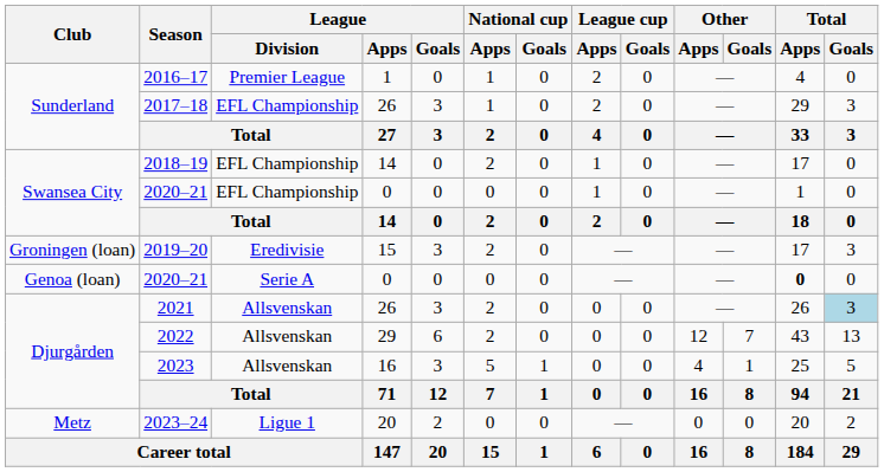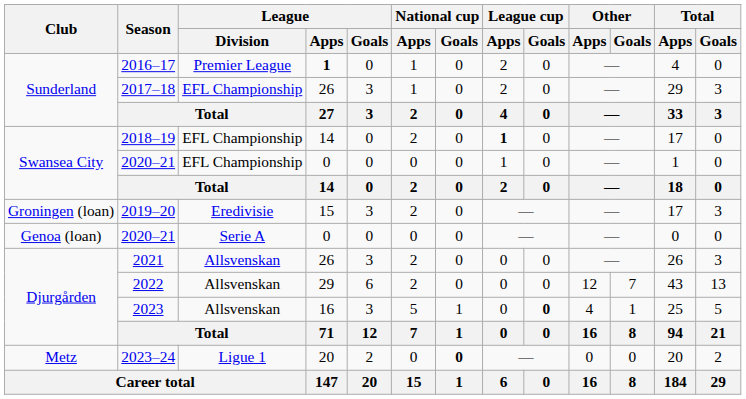 <table class="wikitable" style="text-align:center">
 <tr>
 <th rowspan="2">Club</th>
 <th rowspan="2">Season</th>
 <th colspan="3">League</th>
 <th colspan="2">National cup</th>
 <th colspan="2">League cup</th>
 <th colspan="2">Other</th>
 <th colspan="2">Total</th>
 </tr>
 <tr>
 <th>Division</th>
 <th>Apps</th>
 <th>Goals</th>
 <th>Apps</th>
 <th>Goals</th>
 <th>Apps</th>
 <th>Goals</th>
 <th>Apps</th>
 <th>Goals</th>
 <th>Apps</th>
 <th>Goals</th>
 </tr>
 <tr>
 <td rowspan="3"><a href='#'>Sunderland</a></td>
 <td><a href='#'>2016–17</a></td>
 <td><a href='#'>Premier League</a></td>
-<td>1</td>
+<td><strong>1</strong></td>
 <td>0</td>
 <td>1</td>
 <td>0</td>
 <td>2</td>
 <td>0</td>
 <td colspan="2">—</td>
 <td>4</td>
 <td>0</td>
 </tr>
 <tr>
 <td><a href='#'>2017–18</a></td>
 <td><a href='#'>EFL Championship</a></td>
 <td>26</td>
 <td>3</td>
 <td>1</td>
 <td>0</td>
 <td>2</td>
 <td>0</td>
 <td colspan="2">—</td>
 <td>29</td>
 <td>3</td>
 </tr>
 <tr>
 <th colspan="2">Total</th>
 <th>27</th>
 <th>3</th>
 <th>2</th>
 <th>0</th>
 <th>4</th>
 <th>0</th>
 <th colspan="2">—</th>
 <th>33</th>
 <th>3</th>
 </tr>
 <tr>
 <td rowspan="3"><a href='#'>Swansea City</a></td>
 <td><a href='#'>2018–19</a></td>
 <td>EFL Championship</td>
 <td>14</td>
 <td>0</td>
 <td>2</td>
 <td>0</td>
-<td>1</td>
+<td><strong>1</strong></td>
 <td>0</td>
 <td colspan="2">—</td>
 <td>17</td>
 <td>0</td>
 </tr>
 <tr>
 <td><a href='#'>2020–21</a></td>
 <td>EFL Championship</td>
 <td>0</td>
 <td>0</td>
 <td>0</td>
 <td>0</td>
 <td>1</td>
 <td>0</td>
 <td colspan="2">—</td>
 <td>1</td>
 <td>0</td>
 </tr>
 <tr>
 <th colspan="2">Total</th>
 <th>14</th>
 <th>0</th>
 <th>2</th>
 <th>0</th>
 <th>2</th>
 <th>0</th>
 <th colspan="2">—</th>
 <th>18</th>
 <th>0</th>
 </tr>
 <tr>
 <td><a href='#'>Groningen</a> (loan)</td>
 <td><a href='#'>2019–20</a></td>
 <td><a href='#'>Eredivisie</a></td>
 <td>15</td>
 <td>3</td>
 <td>2</td>
 <td>0</td>
 <td colspan="2">—</td>
 <td colspan="2">—</td>
 <td>17</td>
 <td>3</td>
 </tr>
 <tr>
 <td><a href='#'>Genoa</a> (loan)</td>
 <td><a href='#'>2020–21</a></td>
 <td><a href='#'>Serie A</a></td>
 <td>0</td>
 <td>0</td>
 <td>0</td>
 <td>0</td>
 <td colspan="2">—</td>
 <td colspan="2">—</td>
-<td><strong>0</strong></td>
+<td>0</td>
 <td>0</td>
 </tr>
 <tr>
 <td rowspan="4"><a href='#'>Djurgården</a></td>
 <td><a href='#'>2021</a></td>
 <td><a href='#'>Allsvenskan</a></td>
 <td>26</td>
 <td>3</td>
 <td>2</td>
 <td>0</td>
 <td>0</td>
 <td>0</td>
 <td colspan="2">—</td>
 <td>26</td>
-<td style="background: lightblue;">3</td>
+<td>3</td>
 </tr>
 <tr>
 <td><a href='#'>2022</a></td>
 <td>Allsvenskan</td>
 <td>29</td>
 <td>6</td>
 <td>2</td>
 <td>0</td>
 <td>0</td>
 <td>0</td>
 <td>12</td>
 <td>7</td>
 <td>43</td>
 <td>13</td>
 </tr>
 <tr>
 <td><a href='#'>2023</a></td>
 <td>Allsvenskan</td>
 <td>16</td>
 <td>3</td>
 <td>5</td>
 <td>1</td>
 <td>0</td>
-<td>0</td>
+<td><strong>0</strong></td>
 <td>4</td>
 <td>1</td>
 <td>25</td>
 <td>5</td>
 </tr>
 <tr>
 <th colspan="2">Total</th>
 <th>71</th>
 <th>12</th>
 <th>7</th>
 <th>1</th>
 <th>0</th>
 <th>0</th>
 <th>16</th>
 <th>8</th>
 <th>94</th>
 <th>21</th>
 </tr>
 <tr>
 <td><a href='#'>Metz</a></td>
 <td><a href='#'>2023–24</a></td>
 <td><a href='#'>Ligue 1</a></td>
 <td>20</td>
 <td>2</td>
 <td>0</td>
-<td>0</td>
+<td><strong>0</strong></td>
 <td colspan="2">—</td>
 <td>0</td>
 <td>0</td>
 <td>20</td>
 <td>2</td>
 </tr>
 <tr>
 <th colspan="3">Career total</th>
 <th>147</th>
 <th>20</th>
 <th>15</th>
 <th>1</th>
 <th>6</th>
 <th>0</th>
 <th>16</th>
 <th>8</th>
 <th>184</th>
 <th>29</th>
 </tr>
 </table>
